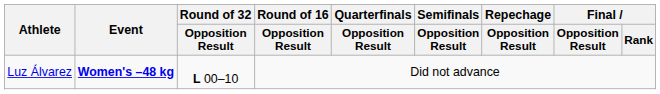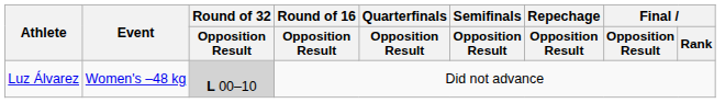 <table class="wikitable" style="font-size:90%">
 <tr>
 <th rowspan="2">Athlete</th>
 <th rowspan="2">Event</th>
 <th>Round of 32</th>
 <th>Round of 16</th>
 <th>Quarterfinals</th>
 <th>Semifinals</th>
 <th>Repechage</th>
 <th colspan=2>Final / </th>
 </tr>
 <tr style="font-size:95%">
 <th>Opposition<br>Result</th>
 <th>Opposition<br>Result</th>
 <th>Opposition<br>Result</th>
 <th>Opposition<br>Result</th>
 <th>Opposition<br>Result</th>
 <th>Opposition<br>Result</th>
 <th>Rank</th>
 </tr>
 <tr align=center>
 <td align=left><a href='#'>Luz Álvarez</a></td>
-<td align=left><strong><a href='#'>Women's –48 kg</a></strong></td>
-<td><br><strong>L</strong> 00–10</td>
+<td align=left><a href='#'>Women's –48 kg</a></td>
+<td style="background: lightgrey;"><br><strong>L</strong> 00–10</td>
 <td colspan=6>Did not advance</td>
 </tr>
 </table>
